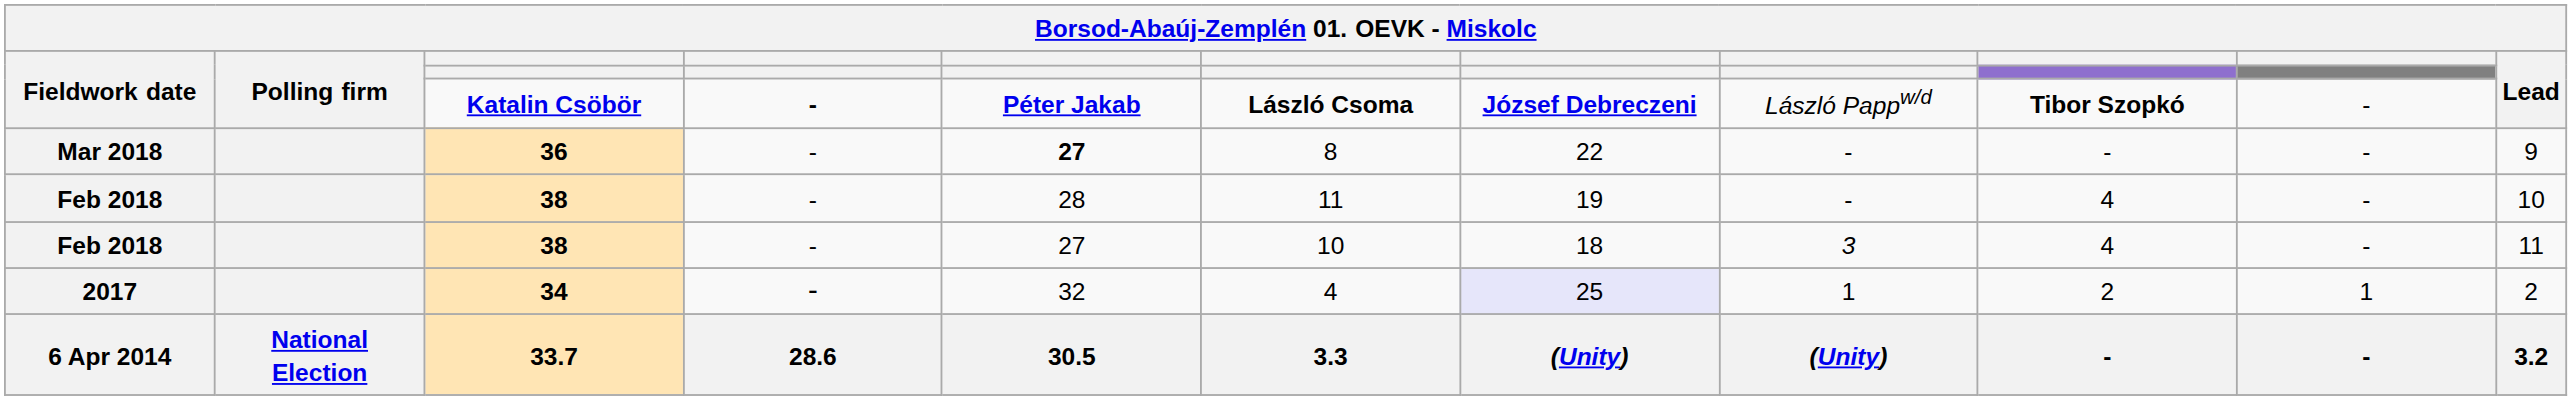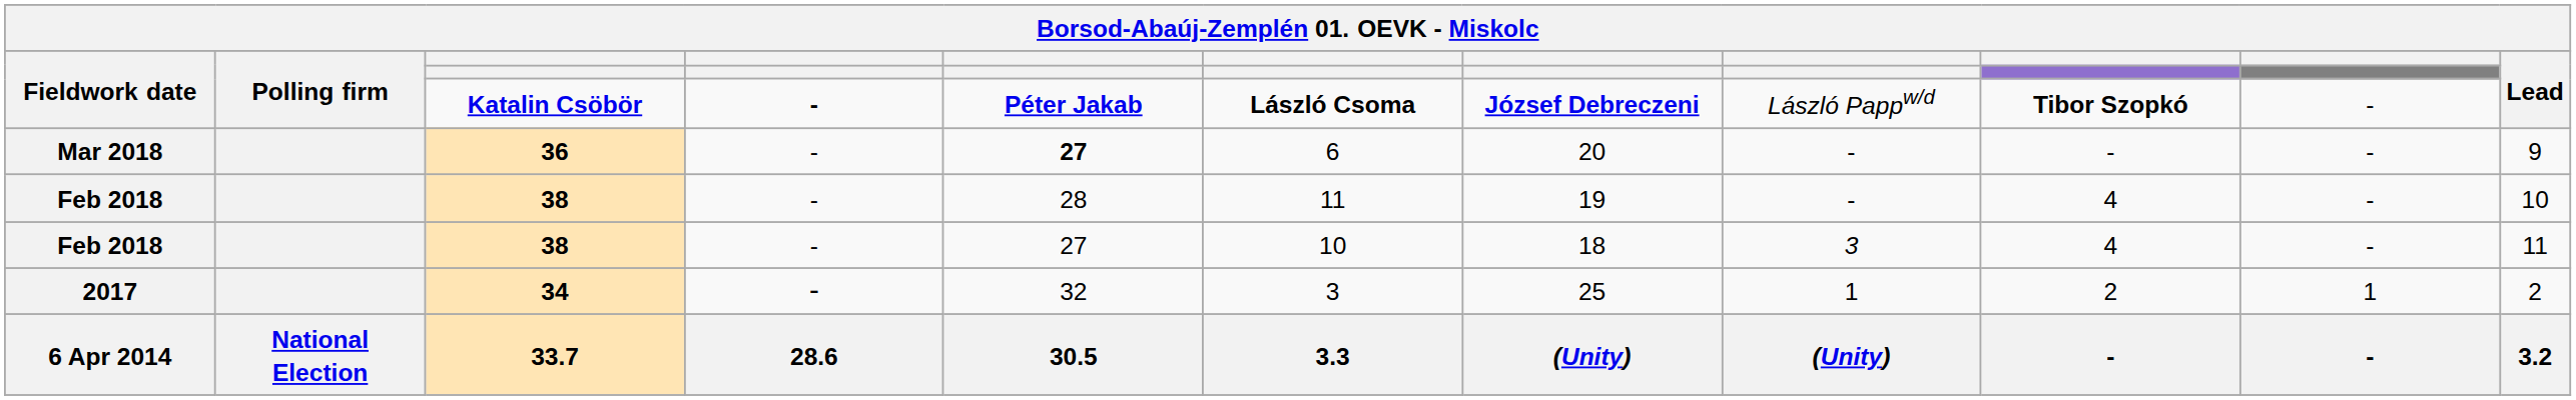 <table class="wikitable mw-collapsible mw-collapsed" style="text-align:center">
 <tr>
 <th colspan="11" style="width: 980pt;"><small><a href='#'>Borsod-Abaúj-Zemplén</a> 01.</small> <small>OEVK - <a href='#'>Miskolc</a></small></th>
 </tr>
 <tr>
 <th rowspan="3" style="width: 80pt;"><small>Fieldwork</small> <small>date</small></th>
 <th rowspan="3" style="width: 80pt;"><strong><small>Polling</small> <small>firm</small></strong></th>
 <th style="width: 100pt;"><small></small></th>
 <th style="width: 100pt;"><small> </small></th>
 <th style="width: 100pt;"></th>
 <th style="width: 100pt;"></th>
 <th style="width: 100pt;"></th>
 <th style="width: 100pt;"></th>
 <th style="width: 100pt;"></th>
 <th style="width: 100pt;"></th>
 <th rowspan="3" style="width: 20pt;"><small>Lead</small></th>
 </tr>
 <tr>
 <th style="color:inherit;background:"></th>
 <th style="color:inherit;background:"></th>
 <th style="color:inherit;background:"></th>
 <th style="color:inherit;background:"></th>
 <th style="color:inherit;background:"></th>
 <th style="color:inherit;background:"></th>
 <th style="color:inherit;background:#8E6FCE;"></th>
 <th style="color:inherit;background:#808080;"></th>
 </tr>
 <tr>
 <td><small><strong><a href='#'>Katalin Csöbör</a></strong></small></td>
 <td><small><strong>-</strong></small></td>
 <td><small><strong><a href='#'>Péter Jakab</a></strong></small></td>
 <td><small><strong>László Csoma</strong></small></td>
 <td><small><a href='#'><strong>József Debreczeni</strong></a></small></td>
 <td><small><em>László Papp<sup>w/d</sup></em></small></td>
 <td><small><strong>Tibor Szopkó</strong></small></td>
 <td><small>-</small></td>
 </tr>
 <tr>
 <th><small>Mar 2018</small></th>
 <th><small></small></th>
 <td style="background:#FFE5B4"><strong><small>36</small></strong></td>
 <td><small>-</small></td>
 <td><strong><small>27</small></strong></td>
-<td><small>8</small></td>
-<td><small>22</small></td>
+<td><small>6</small></td>
+<td><small>20</small></td>
 <td><small>-</small></td>
 <td><small>-</small></td>
 <td><small>-</small></td>
 <td style="background:"><small>9</small></td>
 </tr>
 <tr>
 <th><small>Feb 2018</small></th>
 <th> </th>
 <td style="background:#FFE5B4"><small><strong>38</strong></small></td>
 <td><small>-</small></td>
 <td><small>28</small></td>
 <td><small>11</small></td>
 <td><small>19</small></td>
 <td><small>-</small></td>
 <td><small>4</small></td>
 <td><small>-</small></td>
 <td style="background:"><small>10</small></td>
 </tr>
 <tr>
 <th><small>Feb 2018</small></th>
 <th> </th>
 <td style="background:#FFE5B4"><small><strong>38</strong></small></td>
 <td><small>-</small></td>
 <td><small>27</small></td>
 <td><small>10</small></td>
 <td><small>18</small></td>
 <td><small><em>3</em></small></td>
 <td><small>4</small></td>
 <td><small>-</small></td>
 <td style="background:"><small>11</small></td>
 </tr>
 <tr>
 <th><small>2017</small></th>
 <th><small></small></th>
 <td style="background:#FFE5B4"><strong><small>34</small></strong></td>
 <td>-</td>
 <td><small>32</small></td>
-<td><small>4</small></td>
-<td style="background: lavender;"><small>25</small></td>
+<td><small>3</small></td>
+<td><small>25</small></td>
 <td><small>1</small></td>
 <td><small>2</small></td>
 <td><small>1</small></td>
 <td style="background:"><small>2</small></td>
 </tr>
 <tr>
 <th><small>6 Apr 2014</small></th>
 <th><a href='#'><small>National Election</small></a></th>
 <th style="background:#FFE5B4"><strong><small>33.7</small></strong></th>
 <th><small>28.6</small></th>
 <th><small>30.5</small></th>
 <th><small>3.3</small></th>
 <th><small><em>(<a href='#'>Unity</a>)</em></small></th>
 <th><small><em>(<a href='#'>Unity</a>)</em></small></th>
 <th><small>-</small></th>
 <th><small>-</small></th>
 <th style="background:"><small>3.2</small></th>
 </tr>
 </table>
